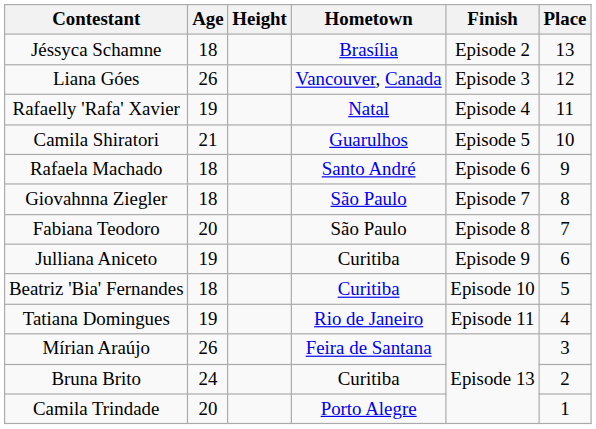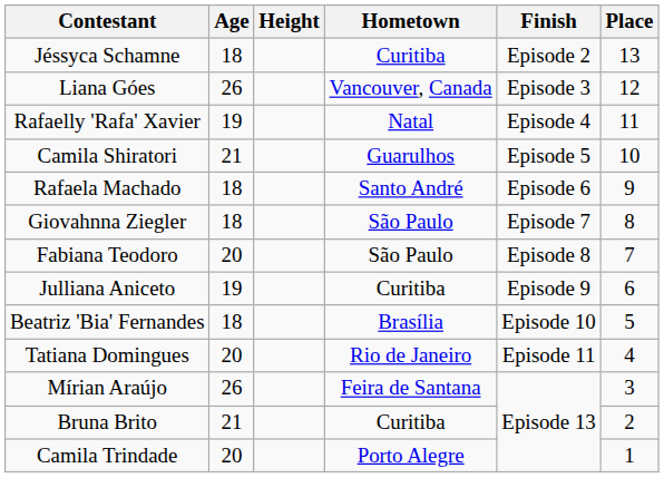 <table class="wikitable sortable" style="text-align:center;">
 <tr>
 <th>Contestant</th>
 <th>Age</th>
 <th>Height</th>
 <th>Hometown</th>
 <th>Finish</th>
 <th>Place</th>
 </tr>
 <tr>
 <td>Jéssyca Schamne</td>
 <td>18</td>
 <td></td>
-<td><a href='#'>Brasília</a></td>
+<td><a href='#'>Curitiba</a></td>
 <td>Episode 2</td>
 <td>13</td>
 </tr>
 <tr>
 <td>Liana Góes</td>
 <td>26</td>
 <td></td>
 <td><a href='#'>Vancouver</a>, <a href='#'>Canada</a></td>
 <td>Episode 3</td>
 <td>12</td>
 </tr>
 <tr>
 <td>Rafaelly 'Rafa' Xavier</td>
 <td>19</td>
 <td></td>
 <td><a href='#'>Natal</a></td>
 <td>Episode 4</td>
 <td>11</td>
 </tr>
 <tr>
 <td>Camila Shiratori</td>
 <td>21</td>
 <td></td>
 <td><a href='#'>Guarulhos</a></td>
 <td>Episode 5</td>
 <td>10</td>
 </tr>
 <tr>
 <td>Rafaela Machado</td>
 <td>18</td>
 <td></td>
 <td><a href='#'>Santo André</a></td>
 <td>Episode 6</td>
 <td>9</td>
 </tr>
 <tr>
 <td>Giovahnna Ziegler</td>
 <td>18</td>
 <td></td>
 <td><a href='#'>São Paulo</a></td>
 <td>Episode 7</td>
 <td>8</td>
 </tr>
 <tr>
 <td>Fabiana Teodoro</td>
 <td>20</td>
 <td></td>
 <td>São Paulo</td>
 <td>Episode 8</td>
 <td>7</td>
 </tr>
 <tr>
 <td>Julliana Aniceto</td>
 <td>19</td>
 <td></td>
 <td>Curitiba</td>
 <td>Episode 9</td>
 <td>6</td>
 </tr>
 <tr>
 <td>Beatriz 'Bia' Fernandes</td>
 <td>18</td>
 <td></td>
-<td><a href='#'>Curitiba</a></td>
+<td><a href='#'>Brasília</a></td>
 <td>Episode 10</td>
 <td>5</td>
 </tr>
 <tr>
 <td>Tatiana Domingues</td>
-<td>19</td>
+<td>20</td>
 <td></td>
 <td><a href='#'>Rio de Janeiro</a></td>
 <td>Episode 11</td>
 <td>4</td>
 </tr>
 <tr>
 <td>Mírian Araújo</td>
 <td>26</td>
 <td></td>
 <td><a href='#'>Feira de Santana</a></td>
 <td rowspan="3">Episode 13</td>
 <td>3</td>
 </tr>
 <tr>
 <td>Bruna Brito</td>
-<td>24</td>
+<td>21</td>
 <td></td>
 <td>Curitiba</td>
 <td>2</td>
 </tr>
 <tr>
 <td>Camila Trindade</td>
 <td>20</td>
 <td></td>
 <td><a href='#'>Porto Alegre</a></td>
 <td>1</td>
 </tr>
 </table>
